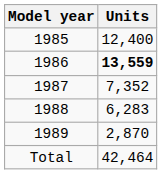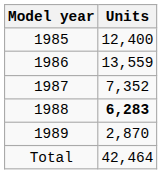 <table class="wikitable" style="align:center; text-align:center">
 <tr>
 <th>Model year</th>
 <th>Units</th>
 </tr>
 <tr>
 <td>1985</td>
 <td>12,400</td>
 </tr>
 <tr>
 <td>1986</td>
-<td><strong>13,559</strong></td>
+<td>13,559</td>
 </tr>
 <tr>
 <td>1987</td>
 <td>7,352</td>
 </tr>
 <tr>
 <td>1988</td>
-<td>6,283</td>
+<td><strong>6,283</strong></td>
 </tr>
 <tr>
 <td>1989</td>
 <td>2,870</td>
 </tr>
 <tr>
 <td>Total</td>
 <td>42,464</td>
 </tr>
 </table>
